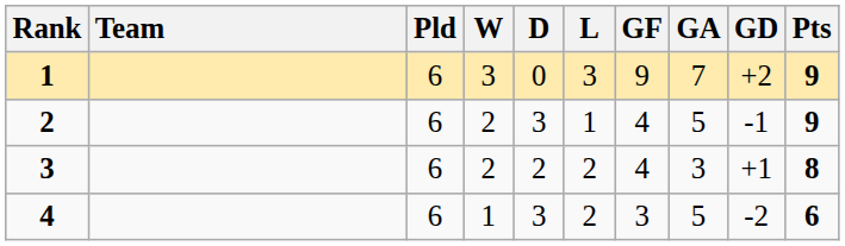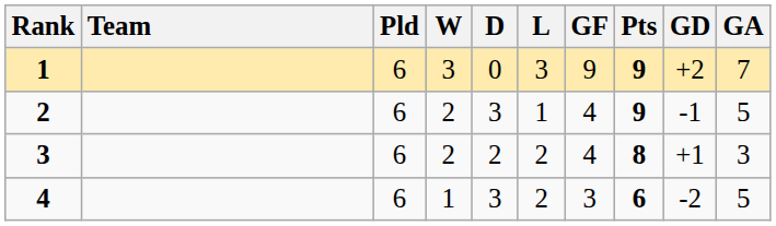 <table class="wikitable" style="text-align: center;">
 <tr>
 <th width=30>Rank</th>
 <th width=165 style="text-align:left;">Team</th>
 <th width=20>Pld</th>
 <th width=20>W</th>
 <th width=20>D</th>
 <th width=20>L</th>
 <th width=20>GF</th>
+<th width=20>Pts</th>
+<th width=20>GD</th>
 <th width=20>GA</th>
-<th width=20>GD</th>
-<th width=20>Pts</th>
 </tr>
 <tr style="background:#ffebad;">
 <td><strong>1</strong></td>
 <td style="text-align:left;"></td>
 <td>6</td>
 <td>3</td>
 <td>0</td>
 <td>3</td>
 <td>9</td>
+<td><strong>9</strong></td>
+<td>+2</td>
 <td>7</td>
-<td>+2</td>
-<td><strong>9</strong></td>
 </tr>
 <tr>
 <td><strong>2</strong></td>
 <td style="text-align:left;"></td>
 <td>6</td>
 <td>2</td>
 <td>3</td>
 <td>1</td>
 <td>4</td>
+<td><strong>9</strong></td>
+<td>-1</td>
 <td>5</td>
-<td>-1</td>
-<td><strong>9</strong></td>
 </tr>
 <tr>
 <td><strong>3</strong></td>
 <td style="text-align:left;"></td>
 <td>6</td>
 <td>2</td>
 <td>2</td>
 <td>2</td>
 <td>4</td>
+<td><strong>8</strong></td>
+<td>+1</td>
 <td>3</td>
-<td>+1</td>
-<td><strong>8</strong></td>
 </tr>
 <tr>
 <td><strong>4</strong></td>
 <td style="text-align:left;"></td>
 <td>6</td>
 <td>1</td>
 <td>3</td>
 <td>2</td>
 <td>3</td>
+<td><strong>6</strong></td>
+<td>-2</td>
 <td>5</td>
-<td>-2</td>
-<td><strong>6</strong></td>
 </tr>
 </table>
